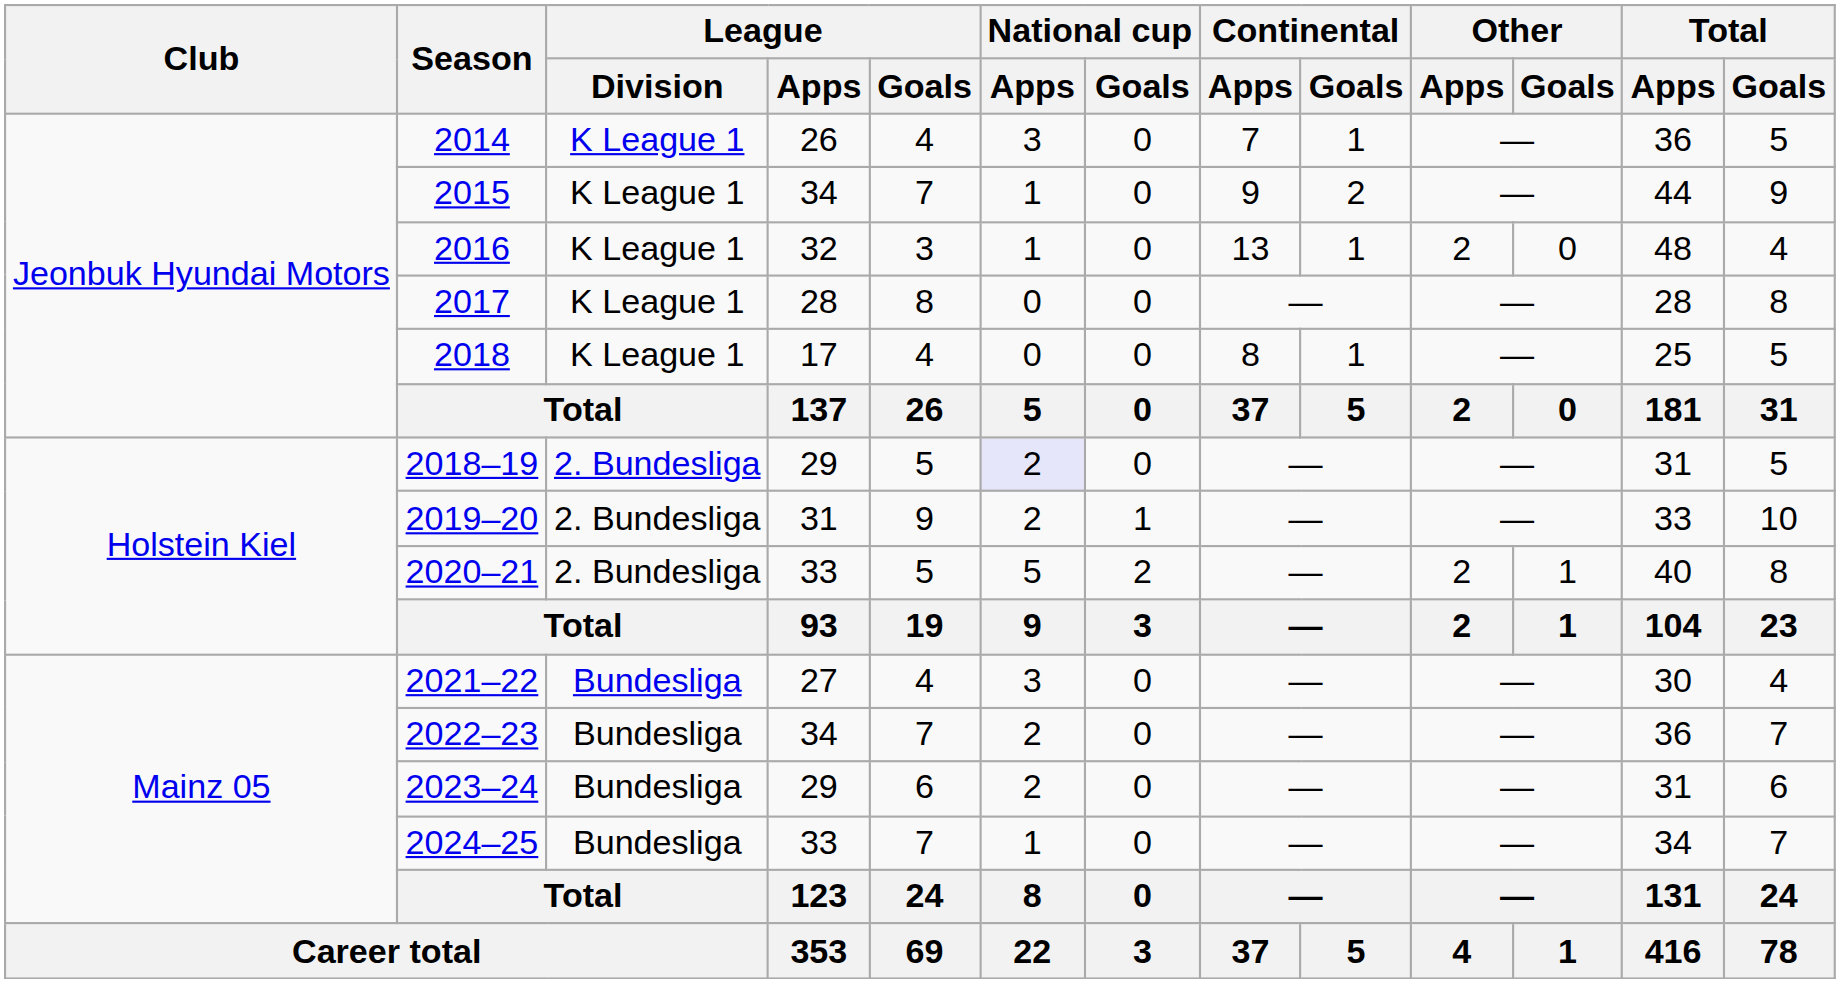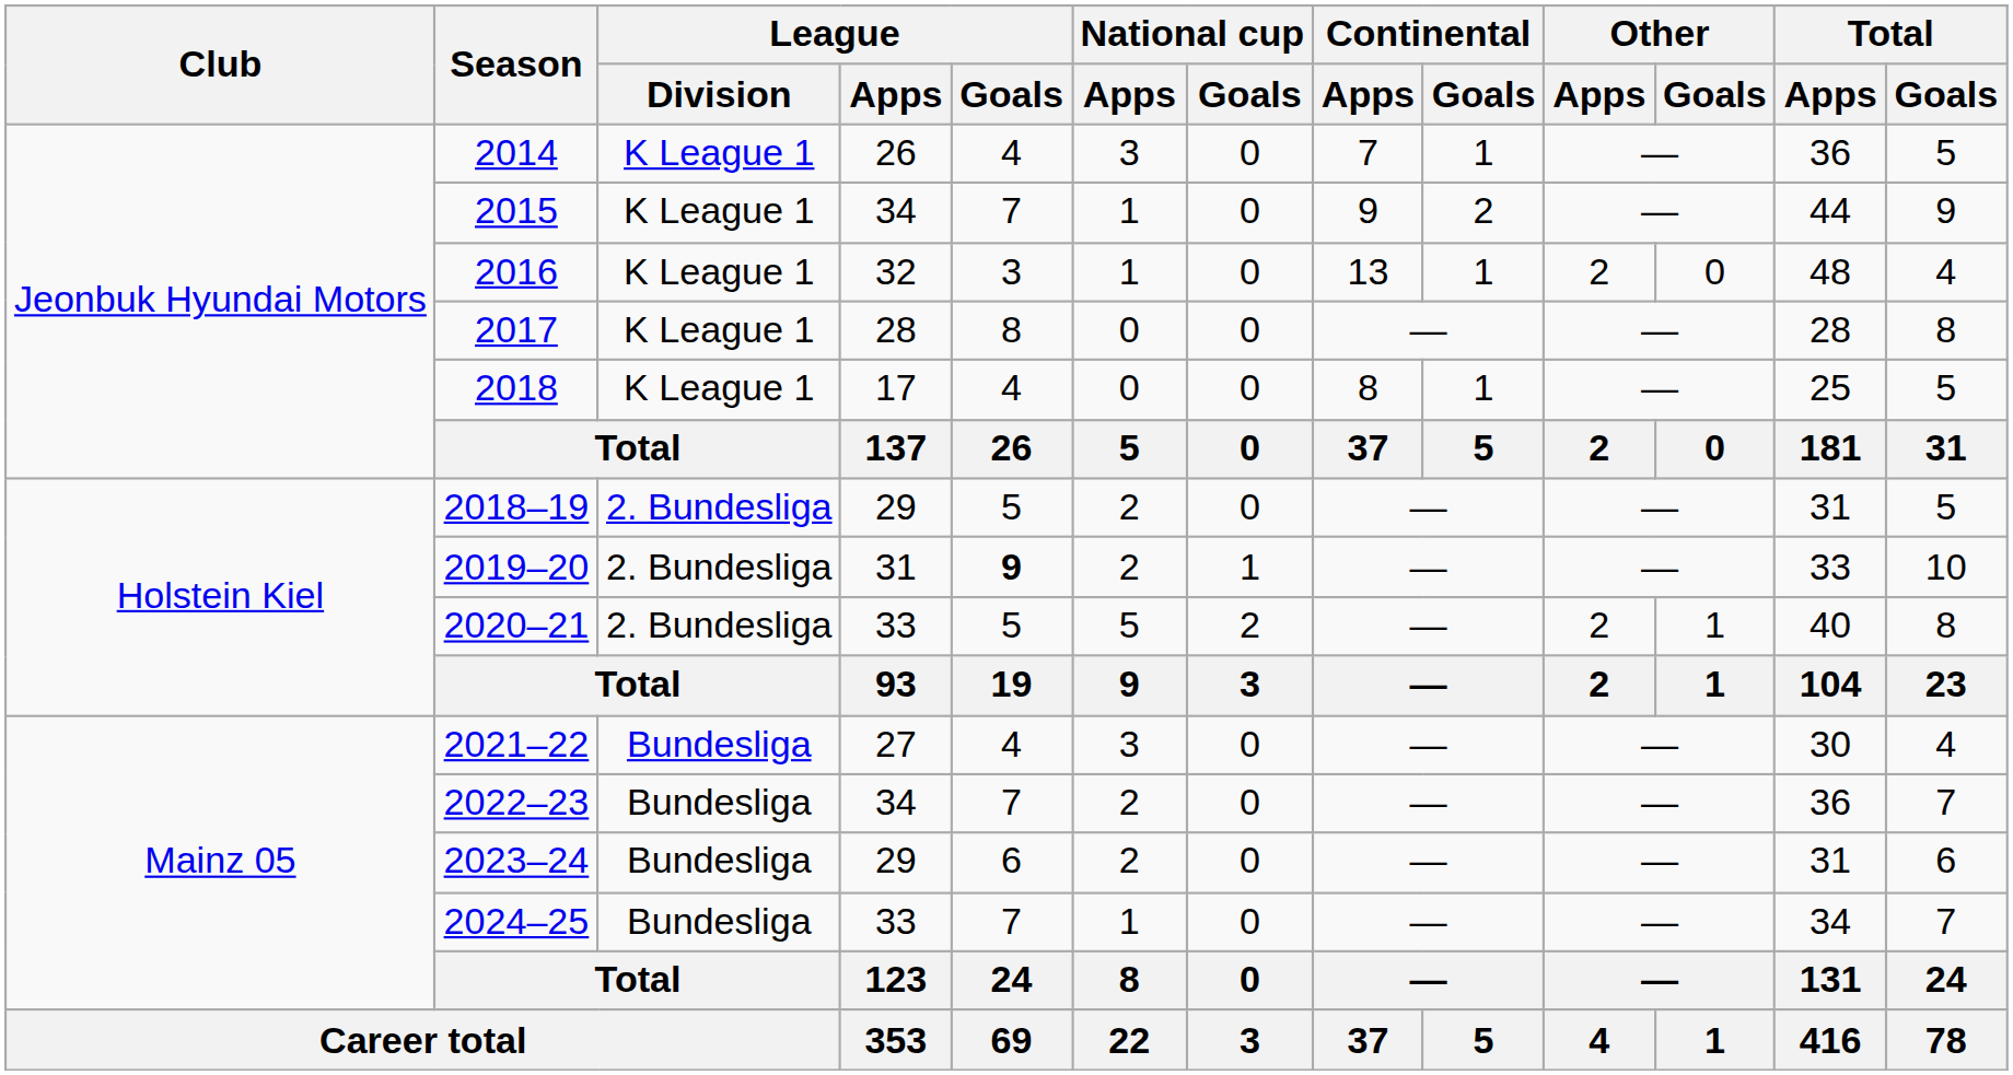 <table class="wikitable" style="text-align:center">
 <tr>
 <th rowspan="2">Club</th>
 <th rowspan="2">Season</th>
 <th colspan="3">League</th>
 <th colspan="2">National cup</th>
 <th colspan="2">Continental</th>
 <th colspan="2">Other</th>
 <th colspan="2">Total</th>
 </tr>
 <tr>
 <th>Division</th>
 <th>Apps</th>
 <th>Goals</th>
 <th>Apps</th>
 <th>Goals</th>
 <th>Apps</th>
 <th>Goals</th>
 <th>Apps</th>
 <th>Goals</th>
 <th>Apps</th>
 <th>Goals</th>
 </tr>
 <tr>
 <td rowspan="6"><a href='#'>Jeonbuk Hyundai Motors</a></td>
 <td><a href='#'>2014</a></td>
 <td><a href='#'>K League 1</a></td>
 <td>26</td>
 <td>4</td>
 <td>3</td>
 <td>0</td>
 <td>7</td>
 <td>1</td>
 <td colspan="2">—</td>
 <td>36</td>
 <td>5</td>
 </tr>
 <tr>
 <td><a href='#'>2015</a></td>
 <td>K League 1</td>
 <td>34</td>
 <td>7</td>
 <td>1</td>
 <td>0</td>
 <td>9</td>
 <td>2</td>
 <td colspan="2">—</td>
 <td>44</td>
 <td>9</td>
 </tr>
 <tr>
 <td><a href='#'>2016</a></td>
 <td>K League 1</td>
 <td>32</td>
 <td>3</td>
 <td>1</td>
 <td>0</td>
 <td>13</td>
 <td>1</td>
 <td>2</td>
 <td>0</td>
 <td>48</td>
 <td>4</td>
 </tr>
 <tr>
 <td><a href='#'>2017</a></td>
 <td>K League 1</td>
 <td>28</td>
 <td>8</td>
 <td>0</td>
 <td>0</td>
 <td colspan="2">—</td>
 <td colspan="2">—</td>
 <td>28</td>
 <td>8</td>
 </tr>
 <tr>
 <td><a href='#'>2018</a></td>
 <td>K League 1</td>
 <td>17</td>
 <td>4</td>
 <td>0</td>
 <td>0</td>
 <td>8</td>
 <td>1</td>
 <td colspan="2">—</td>
 <td>25</td>
 <td>5</td>
 </tr>
 <tr>
 <th colspan="2">Total</th>
 <th>137</th>
 <th>26</th>
 <th>5</th>
 <th>0</th>
 <th>37</th>
 <th>5</th>
 <th>2</th>
 <th>0</th>
 <th>181</th>
 <th>31</th>
 </tr>
 <tr>
 <td rowspan="4"><a href='#'>Holstein Kiel</a></td>
 <td><a href='#'>2018–19</a></td>
 <td><a href='#'>2. Bundesliga</a></td>
 <td>29</td>
 <td>5</td>
-<td style="background: lavender;">2</td>
+<td>2</td>
 <td>0</td>
 <td colspan="2">—</td>
 <td colspan="2">—</td>
 <td>31</td>
 <td>5</td>
 </tr>
 <tr>
 <td><a href='#'>2019–20</a></td>
 <td>2. Bundesliga</td>
 <td>31</td>
-<td>9</td>
+<td><strong>9</strong></td>
 <td>2</td>
 <td>1</td>
 <td colspan="2">—</td>
 <td colspan="2">—</td>
 <td>33</td>
 <td>10</td>
 </tr>
 <tr>
 <td><a href='#'>2020–21</a></td>
 <td>2. Bundesliga</td>
 <td>33</td>
 <td>5</td>
 <td>5</td>
 <td>2</td>
 <td colspan="2">—</td>
 <td>2</td>
 <td>1</td>
 <td>40</td>
 <td>8</td>
 </tr>
 <tr>
 <th colspan="2">Total</th>
 <th>93</th>
 <th>19</th>
 <th>9</th>
 <th>3</th>
 <th colspan="2">—</th>
 <th>2</th>
 <th>1</th>
 <th>104</th>
 <th>23</th>
 </tr>
 <tr>
 <td rowspan="5"><a href='#'>Mainz 05</a></td>
 <td><a href='#'>2021–22</a></td>
 <td><a href='#'>Bundesliga</a></td>
 <td>27</td>
 <td>4</td>
 <td>3</td>
 <td>0</td>
 <td colspan="2">—</td>
 <td colspan="2">—</td>
 <td>30</td>
 <td>4</td>
 </tr>
 <tr>
 <td><a href='#'>2022–23</a></td>
 <td>Bundesliga</td>
 <td>34</td>
 <td>7</td>
 <td>2</td>
 <td>0</td>
 <td colspan="2">—</td>
 <td colspan="2">—</td>
 <td>36</td>
 <td>7</td>
 </tr>
 <tr>
 <td><a href='#'>2023–24</a></td>
 <td>Bundesliga</td>
 <td>29</td>
 <td>6</td>
 <td>2</td>
 <td>0</td>
 <td colspan="2">—</td>
 <td colspan="2">—</td>
 <td>31</td>
 <td>6</td>
 </tr>
 <tr>
 <td><a href='#'>2024–25</a></td>
 <td>Bundesliga</td>
 <td>33</td>
 <td>7</td>
 <td>1</td>
 <td>0</td>
 <td colspan="2">—</td>
 <td colspan="2">—</td>
 <td>34</td>
 <td>7</td>
 </tr>
 <tr>
 <th colspan="2">Total</th>
 <th>123</th>
 <th>24</th>
 <th>8</th>
 <th>0</th>
 <th colspan="2">—</th>
 <th colspan="2">—</th>
 <th>131</th>
 <th>24</th>
 </tr>
 <tr>
 <th colspan="3">Career total</th>
 <th>353</th>
 <th>69</th>
 <th>22</th>
 <th>3</th>
 <th>37</th>
 <th>5</th>
 <th>4</th>
 <th>1</th>
 <th>416</th>
 <th>78</th>
 </tr>
 </table>
